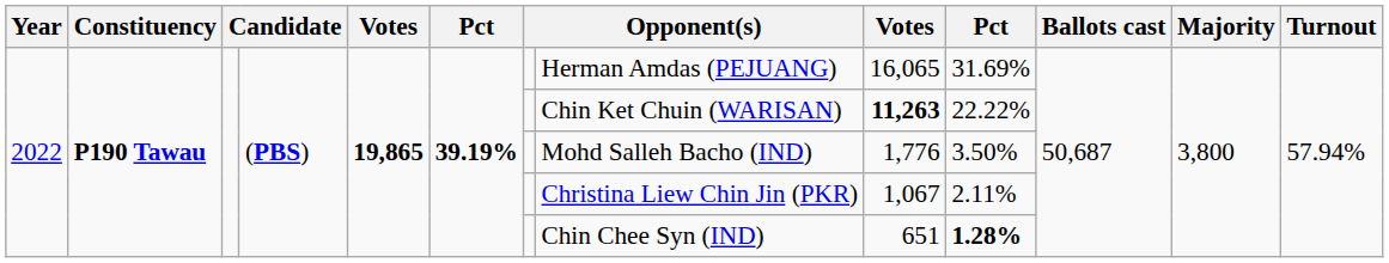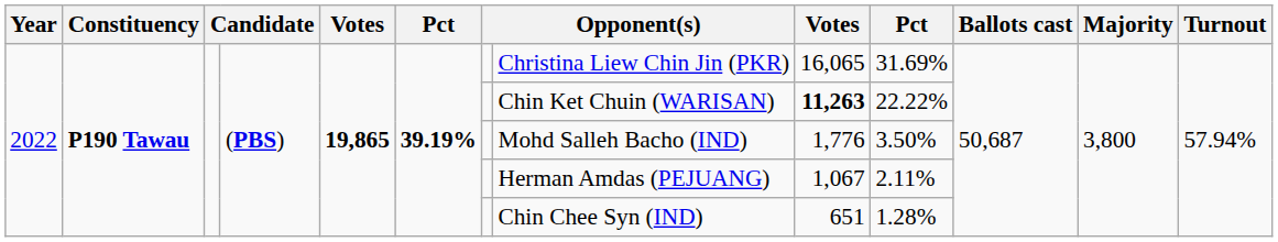 <table class="wikitable" style="margin:0.5em ; font-size:95%">
 <tr>
 <th>Year</th>
 <th>Constituency</th>
 <th colspan=2>Candidate</th>
 <th>Votes</th>
 <th>Pct</th>
 <th colspan=2>Opponent(s)</th>
 <th>Votes</th>
 <th>Pct</th>
 <th>Ballots cast</th>
 <th>Majority</th>
 <th>Turnout</th>
 </tr>
 <tr>
 <td rowspan=5><a href='#'>2022</a></td>
 <td rowspan=5><strong>P190 <a href='#'>Tawau</a></strong></td>
 <td rowspan=5 ></td>
 <td rowspan=5><strong></strong> (<a href='#'><strong>PBS</strong></a>)</td>
 <td rowspan=5 align="right"><strong>19,865</strong></td>
 <td rowspan=5><strong>39.19%</strong></td>
 <td></td>
-<td>Herman Amdas (<a href='#'>PEJUANG</a>)</td>
+<td><a href='#'>Christina Liew Chin Jin</a> (<a href='#'>PKR</a>)</td>
 <td align="right">16,065</td>
 <td>31.69%</td>
 <td rowspan=5>50,687</td>
 <td rowspan=5>3,800</td>
 <td rowspan=5>57.94%</td>
 </tr>
 <tr>
 <td></td>
 <td>Chin Ket Chuin (<a href='#'>WARISAN</a>)</td>
 <td align="right"><strong>11,263</strong></td>
 <td>22.22%</td>
 </tr>
 <tr>
 <td></td>
 <td>Mohd Salleh Bacho (<a href='#'>IND</a>)</td>
 <td align="right">1,776</td>
 <td>3.50%</td>
 </tr>
 <tr>
 <td></td>
-<td><a href='#'>Christina Liew Chin Jin</a> (<a href='#'>PKR</a>)</td>
+<td>Herman Amdas (<a href='#'>PEJUANG</a>)</td>
 <td align="right">1,067</td>
 <td>2.11%</td>
 </tr>
 <tr>
 <td></td>
 <td>Chin Chee Syn (<a href='#'>IND</a>)</td>
 <td align="right">651</td>
-<td><strong>1.28%</strong></td>
+<td>1.28%</td>
 </tr>
 </table>
